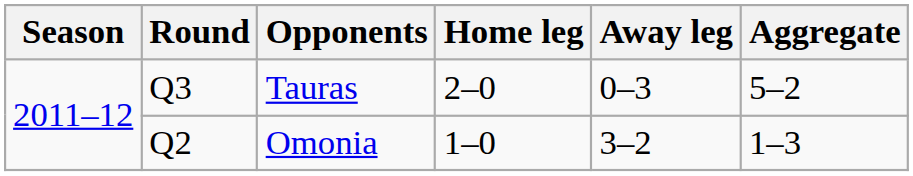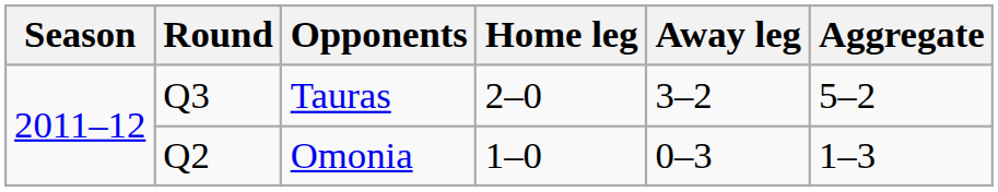 <table class="wikitable">
 <tr>
 <th>Season</th>
 <th>Round</th>
 <th>Opponents</th>
 <th>Home leg</th>
 <th>Away leg</th>
 <th>Aggregate</th>
 </tr>
 <tr>
 <td rowspan="2"><a href='#'>2011–12</a></td>
 <td>Q3</td>
 <td> <a href='#'>Tauras</a></td>
 <td>2–0</td>
-<td>0–3</td>
+<td>3–2</td>
 <td>5–2</td>
 </tr>
 <tr>
 <td>Q2</td>
 <td> <a href='#'>Omonia</a></td>
 <td>1–0</td>
-<td>3–2</td>
+<td>0–3</td>
 <td>1–3</td>
 </tr>
 </table>
